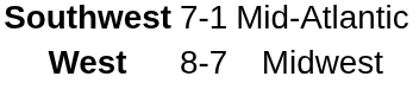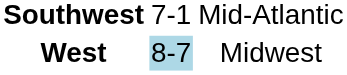 <table>
 <tr>
 <td align=center><strong>Southwest</strong></td>
 <td align=center>7-1</td>
 <td align=center>Mid-Atlantic</td>
 </tr>
 <tr>
 <td align=center><strong>West</strong></td>
-<td align=center>8-7</td>
+<td align=center style="background: lightblue;">8-7</td>
 <td align=center>Midwest</td>
 </tr>
 </table>
